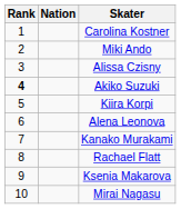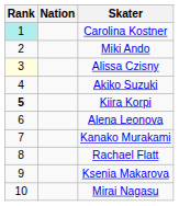 <table class="wikitable sortable" style="text-align: center;">
 <tr>
 <th rowspan="2">Rank</th>
 <th rowspan="2">Nation</th>
 <th rowspan="2">Skater</th>
 </tr>
 <tr>
 </tr>
 <tr>
-<td>1</td>
+<td style="background: paleturquoise;">1</td>
 <td "style=text-align: left;"></td>
 <td "style=text-align: left;"><a href='#'>Carolina Kostner</a></td>
 </tr>
 <tr>
 <td>2</td>
 <td "style=text-align: left;"></td>
 <td "style=text-align: left;"><a href='#'>Miki Ando</a></td>
 </tr>
 <tr>
-<td>3</td>
+<td style="background: lightyellow;">3</td>
 <td "style=text-align: left;"></td>
 <td "style=text-align: left;"><a href='#'>Alissa Czisny</a></td>
 </tr>
 <tr>
-<td><strong>4</strong></td>
+<td>4</td>
 <td "style=text-align: left;"></td>
 <td "style=text-align: left;"><a href='#'>Akiko Suzuki</a></td>
 </tr>
 <tr>
-<td>5</td>
+<td><strong>5</strong></td>
 <td "style=text-align: left;"></td>
 <td "style=text-align: left;"><a href='#'>Kiira Korpi</a></td>
 </tr>
 <tr>
 <td>6</td>
 <td "style=text-align: left;"></td>
 <td "style=text-align: left;"><a href='#'>Alena Leonova</a></td>
 </tr>
 <tr>
 <td>7</td>
 <td "style=text-align: left;"></td>
 <td "style=text-align: left;"><a href='#'>Kanako Murakami</a></td>
 </tr>
 <tr>
 <td>8</td>
 <td "style=text-align: left;"></td>
 <td "style=text-align: left;"><a href='#'>Rachael Flatt</a></td>
 </tr>
 <tr>
 <td>9</td>
 <td "style=text-align: left;"></td>
 <td "style=text-align: left;"><a href='#'>Ksenia Makarova</a></td>
 </tr>
 <tr>
 <td>10</td>
 <td "style=text-align: left;"></td>
 <td "style=text-align: left;"><a href='#'>Mirai Nagasu</a></td>
 </tr>
 </table>
